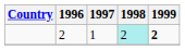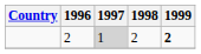 <table class="wikitable sortable" border="1">
 <tr>
 <th><a href='#'>Country</a></th>
 <th>1996</th>
 <th>1997</th>
 <th>1998</th>
 <th>1999</th>
 </tr>
 <tr>
 <td></td>
 <td>2</td>
-<td>1</td>
-<td style="background: paleturquoise;">2</td>
+<td style="background: lightgrey;">1</td>
+<td>2</td>
 <td><strong>2</strong></td>
 </tr>
 <tr>
 </tr>
 </table>
